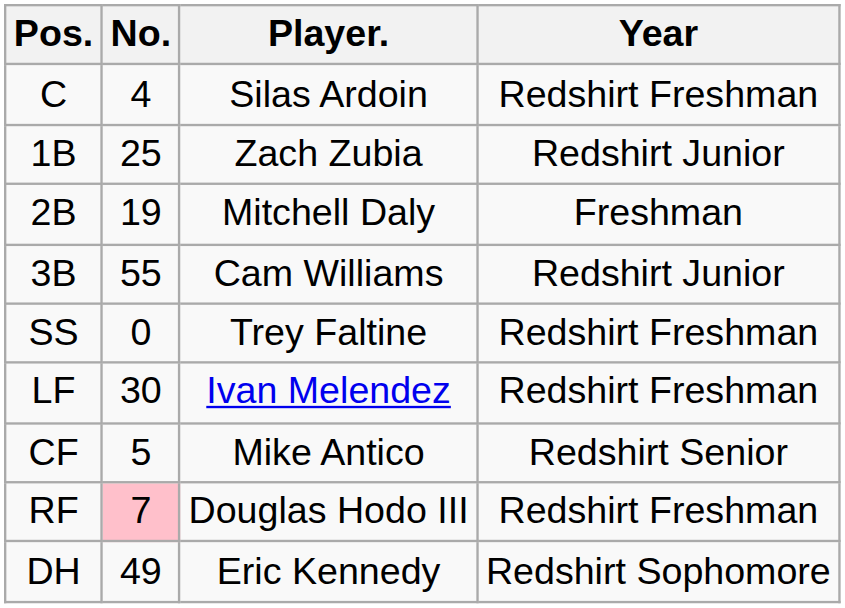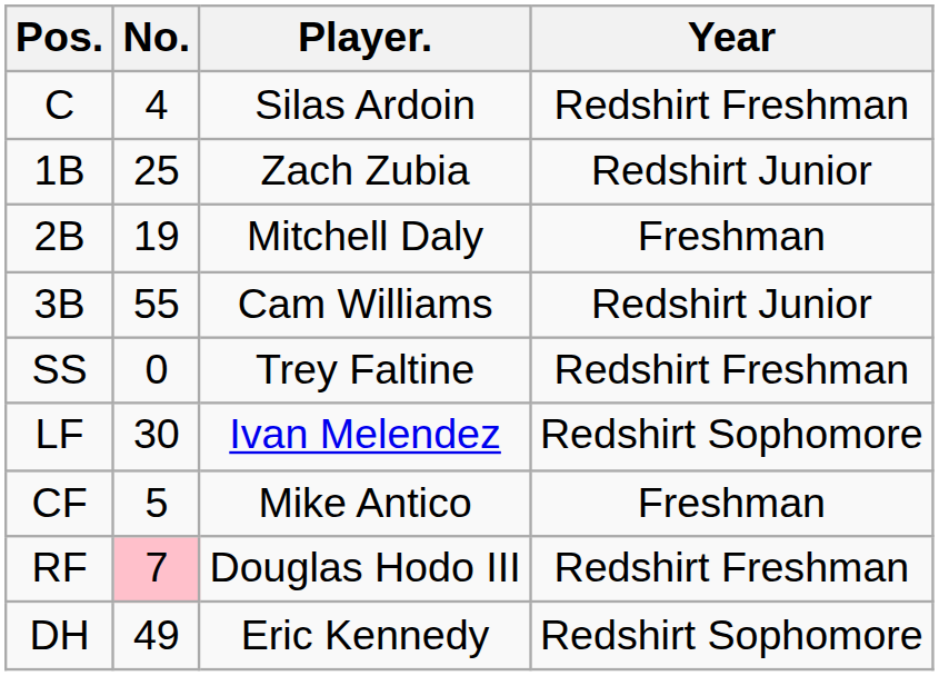 <table class="wikitable sortable">
 <tr>
 <th style="text-align:center; ">Pos.</th>
 <th style="text-align:center; ">No.</th>
 <th style="text-align:center; ">Player.</th>
 <th style="text-align:center; ">Year</th>
 </tr>
 <tr style="text-align:center;">
 <td>C</td>
 <td>4</td>
 <td>Silas Ardoin</td>
 <td>Redshirt Freshman</td>
 </tr>
 <tr style="text-align:center;">
 <td>1B</td>
 <td>25</td>
 <td>Zach Zubia</td>
 <td>Redshirt Junior</td>
 </tr>
 <tr style="text-align:center;">
 <td>2B</td>
 <td>19</td>
 <td>Mitchell Daly</td>
 <td>Freshman</td>
 </tr>
 <tr style="text-align:center;">
 <td>3B</td>
 <td>55</td>
 <td>Cam Williams</td>
 <td>Redshirt Junior</td>
 </tr>
 <tr style="text-align:center;">
 <td>SS</td>
 <td>0</td>
 <td>Trey Faltine</td>
 <td>Redshirt Freshman</td>
 </tr>
 <tr style="text-align:center;">
 <td>LF</td>
 <td>30</td>
 <td><a href='#'>Ivan Melendez</a></td>
-<td>Redshirt Freshman</td>
+<td>Redshirt Sophomore</td>
 </tr>
 <tr style="text-align:center;">
 <td>CF</td>
 <td>5</td>
 <td>Mike Antico</td>
-<td>Redshirt Senior</td>
+<td>Freshman</td>
 </tr>
 <tr style="text-align:center;">
 <td>RF</td>
 <td style="background: pink;">7</td>
 <td>Douglas Hodo III</td>
 <td>Redshirt Freshman</td>
 </tr>
 <tr style="text-align:center;">
 <td>DH</td>
 <td>49</td>
 <td>Eric Kennedy</td>
 <td>Redshirt Sophomore</td>
 </tr>
 </table>
